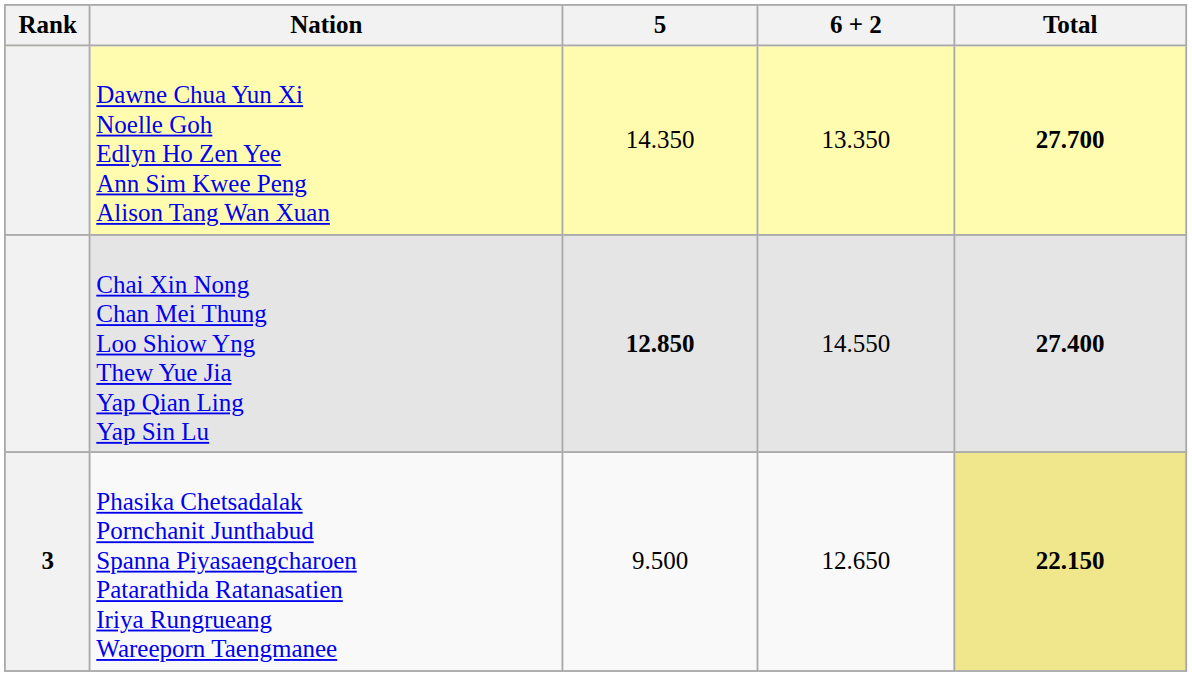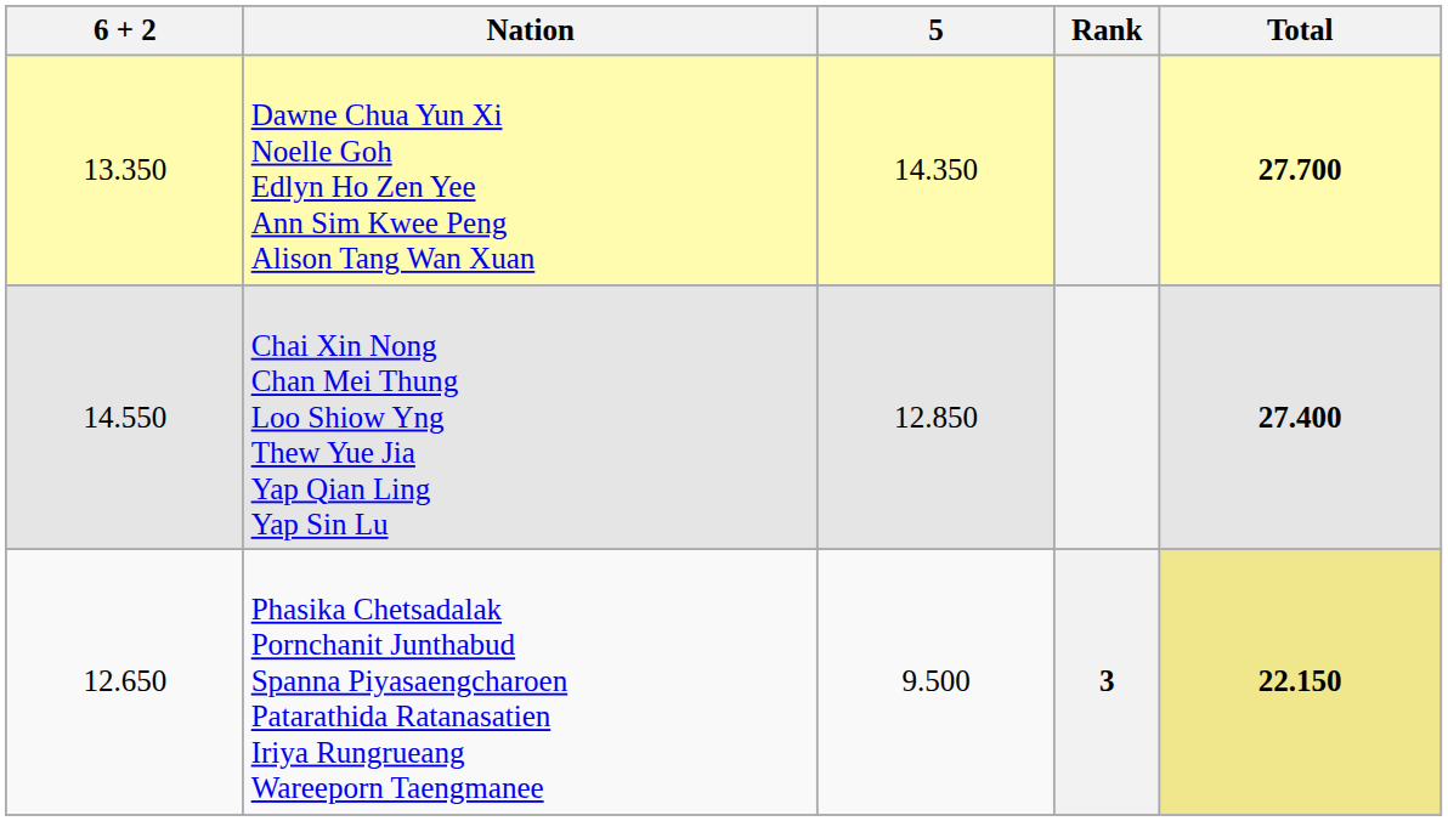 <table class="wikitable sortable" style="text-align:center; font-size:85%">
 <tr>
-<th width=40>Rank</th>
+<th width=100>6  + 2 </th>
 <th width=250>Nation</th>
 <th width=100>5 </th>
-<th width=100>6  + 2 </th>
+<th width=40>Rank</th>
 <th width=120>Total</th>
 </tr>
 <tr bgcolor=fffcaf>
-<th scope=row></th>
+<td>13.350</td>
 <td align=left><br><a href='#'>Dawne Chua Yun Xi</a><br><a href='#'>Noelle Goh</a><br><a href='#'>Edlyn Ho Zen Yee</a><br><a href='#'>Ann Sim Kwee Peng</a><br><a href='#'>Alison Tang Wan Xuan</a></td>
 <td>14.350</td>
-<td>13.350</td>
+<th scope=row></th>
 <td><strong>27.700</strong></td>
 </tr>
 <tr bgcolor=e5e5e5>
+<td>14.550</td>
+<td align=left><br><a href='#'>Chai Xin Nong</a><br><a href='#'>Chan Mei Thung</a><br><a href='#'>Loo Shiow Yng</a><br><a href='#'>Thew Yue Jia</a><br><a href='#'>Yap Qian Ling</a><br><a href='#'>Yap Sin Lu</a></td>
+<td>12.850</td>
 <th scope=row></th>
-<td align=left><br><a href='#'>Chai Xin Nong</a><br><a href='#'>Chan Mei Thung</a><br><a href='#'>Loo Shiow Yng</a><br><a href='#'>Thew Yue Jia</a><br><a href='#'>Yap Qian Ling</a><br><a href='#'>Yap Sin Lu</a></td>
-<td><strong>12.850</strong></td>
-<td>14.550</td>
 <td><strong>27.400</strong></td>
 </tr>
 <tr>
-<th scope=row>3</th>
+<td>12.650</td>
 <td align=left><br><a href='#'>Phasika Chetsadalak</a><br><a href='#'>Pornchanit Junthabud</a><br><a href='#'>Spanna Piyasaengcharoen</a><br><a href='#'>Patarathida Ratanasatien</a><br><a href='#'>Iriya Rungrueang</a><br><a href='#'>Wareeporn Taengmanee</a></td>
 <td>9.500</td>
-<td>12.650</td>
+<th scope=row>3</th>
 <td style="background: khaki;"><strong>22.150</strong></td>
 </tr>
 </table>
